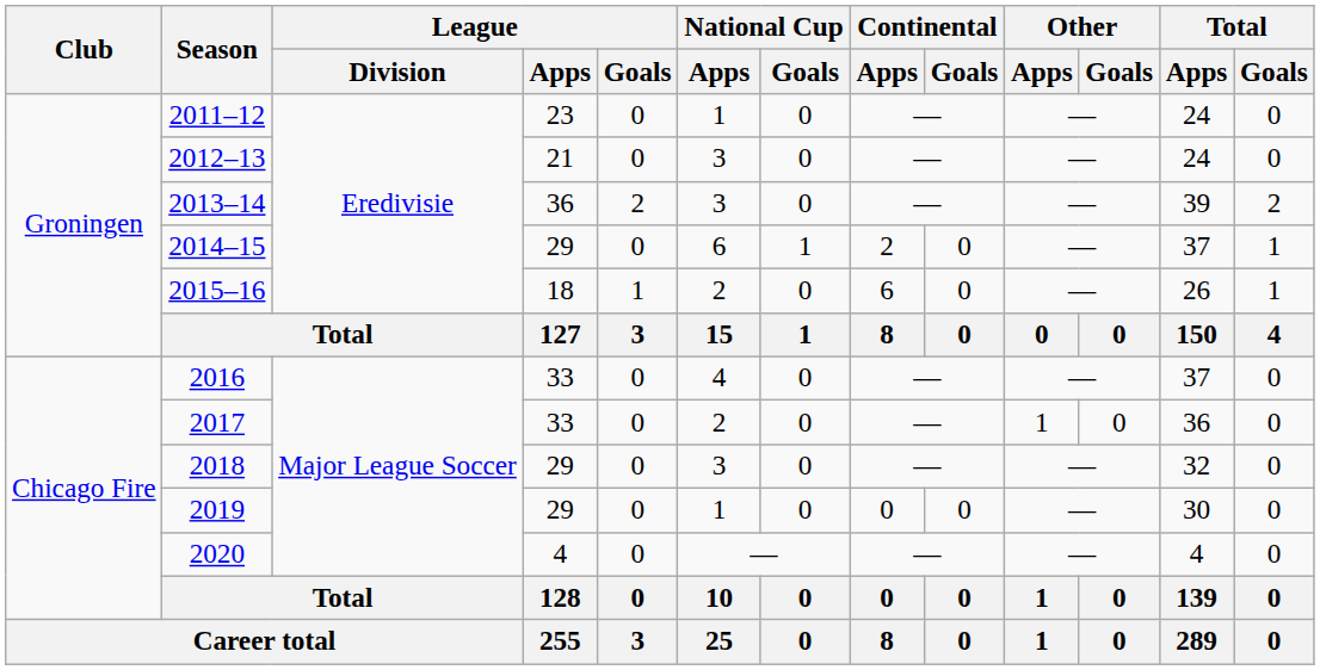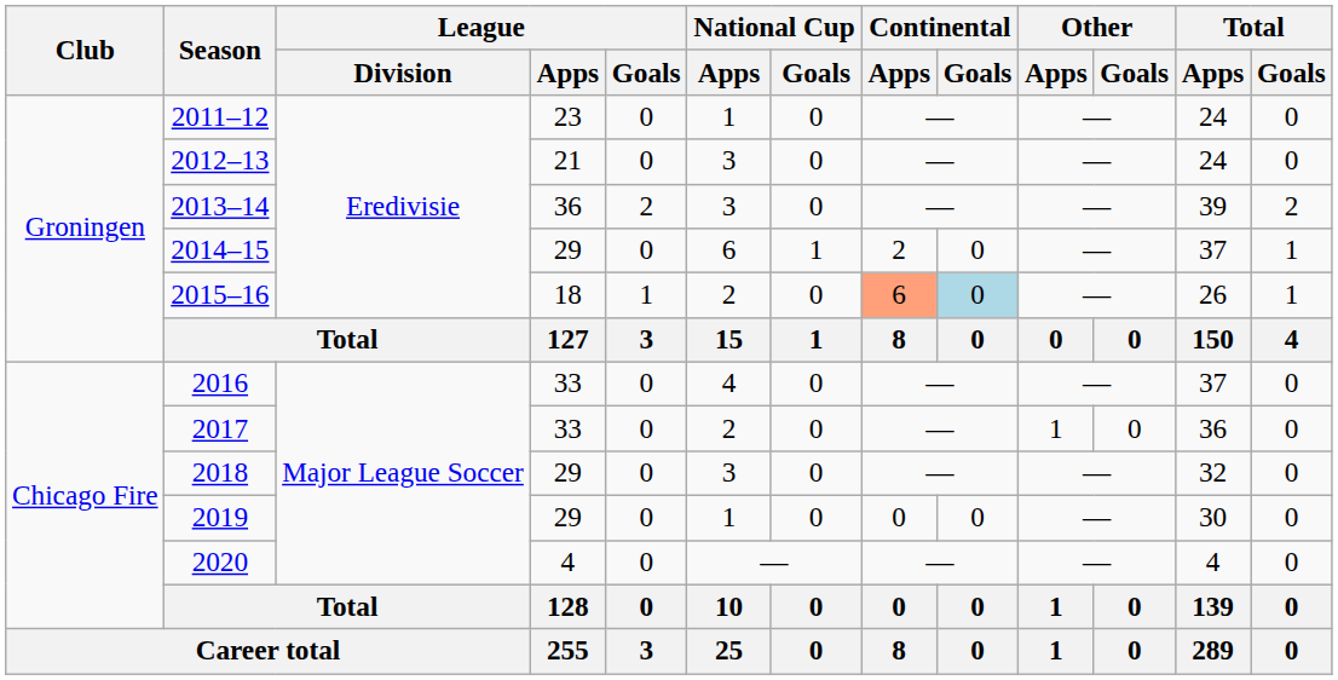 <table class="wikitable" style="text-align:center">
 <tr>
 <th rowspan="2">Club</th>
 <th rowspan="2">Season</th>
 <th colspan="3">League</th>
 <th colspan="2">National Cup</th>
 <th colspan="2">Continental</th>
 <th colspan="2">Other</th>
 <th colspan="2">Total</th>
 </tr>
 <tr>
 <th>Division</th>
 <th>Apps</th>
 <th>Goals</th>
 <th>Apps</th>
 <th>Goals</th>
 <th>Apps</th>
 <th>Goals</th>
 <th>Apps</th>
 <th>Goals</th>
 <th>Apps</th>
 <th>Goals</th>
 </tr>
 <tr>
 <td rowspan="6"><a href='#'>Groningen</a></td>
 <td><a href='#'>2011–12</a></td>
 <td rowspan="5"><a href='#'>Eredivisie</a></td>
 <td>23</td>
 <td>0</td>
 <td>1</td>
 <td>0</td>
 <td colspan="2">—</td>
 <td colspan="2">—</td>
 <td>24</td>
 <td>0</td>
 </tr>
 <tr>
 <td><a href='#'>2012–13</a></td>
 <td>21</td>
 <td>0</td>
 <td>3</td>
 <td>0</td>
 <td colspan="2">—</td>
 <td colspan="2">—</td>
 <td>24</td>
 <td>0</td>
 </tr>
 <tr>
 <td><a href='#'>2013–14</a></td>
 <td>36</td>
 <td>2</td>
 <td>3</td>
 <td>0</td>
 <td colspan="2">—</td>
 <td colspan="2">—</td>
 <td>39</td>
 <td>2</td>
 </tr>
 <tr>
 <td><a href='#'>2014–15</a></td>
 <td>29</td>
 <td>0</td>
 <td>6</td>
 <td>1</td>
 <td>2</td>
 <td>0</td>
 <td colspan="2">—</td>
 <td>37</td>
 <td>1</td>
 </tr>
 <tr>
 <td><a href='#'>2015–16</a></td>
 <td>18</td>
 <td>1</td>
 <td>2</td>
 <td>0</td>
-<td>6</td>
-<td>0</td>
+<td style="background: lightsalmon;">6</td>
+<td style="background: lightblue;">0</td>
 <td colspan="2">—</td>
 <td>26</td>
 <td>1</td>
 </tr>
 <tr>
 <th colspan="2">Total</th>
 <th>127</th>
 <th>3</th>
 <th>15</th>
 <th>1</th>
 <th>8</th>
 <th>0</th>
 <th>0</th>
 <th>0</th>
 <th>150</th>
 <th>4</th>
 </tr>
 <tr>
 <td rowspan="6"><a href='#'>Chicago Fire</a></td>
 <td><a href='#'>2016</a></td>
 <td rowspan="5"><a href='#'>Major League Soccer</a></td>
 <td>33</td>
 <td>0</td>
 <td>4</td>
 <td>0</td>
 <td colspan="2">—</td>
 <td colspan="2">—</td>
 <td>37</td>
 <td>0</td>
 </tr>
 <tr>
 <td><a href='#'>2017</a></td>
 <td>33</td>
 <td>0</td>
 <td>2</td>
 <td>0</td>
 <td colspan="2">—</td>
 <td>1</td>
 <td>0</td>
 <td>36</td>
 <td>0</td>
 </tr>
 <tr>
 <td><a href='#'>2018</a></td>
 <td>29</td>
 <td>0</td>
 <td>3</td>
 <td>0</td>
 <td colspan="2">—</td>
 <td colspan="2">—</td>
 <td>32</td>
 <td>0</td>
 </tr>
 <tr>
 <td><a href='#'>2019</a></td>
 <td>29</td>
 <td>0</td>
 <td>1</td>
 <td>0</td>
 <td>0</td>
 <td>0</td>
 <td colspan="2">—</td>
 <td>30</td>
 <td>0</td>
 </tr>
 <tr>
 <td><a href='#'>2020</a></td>
 <td>4</td>
 <td>0</td>
 <td colspan="2">—</td>
 <td colspan="2">—</td>
 <td colspan="2">—</td>
 <td>4</td>
 <td>0</td>
 </tr>
 <tr>
 <th colspan="2">Total</th>
 <th>128</th>
 <th>0</th>
 <th>10</th>
 <th>0</th>
 <th>0</th>
 <th>0</th>
 <th>1</th>
 <th>0</th>
 <th>139</th>
 <th>0</th>
 </tr>
 <tr>
 <th colspan="3">Career total</th>
 <th>255</th>
 <th>3</th>
 <th>25</th>
 <th>0</th>
 <th>8</th>
 <th>0</th>
 <th>1</th>
 <th>0</th>
 <th>289</th>
 <th>0</th>
 </tr>
 </table>
